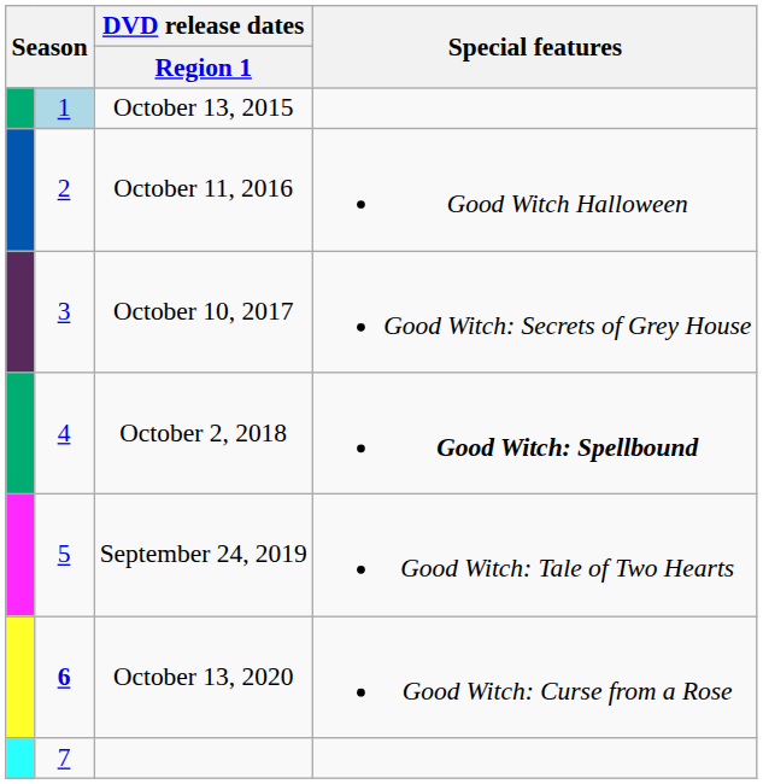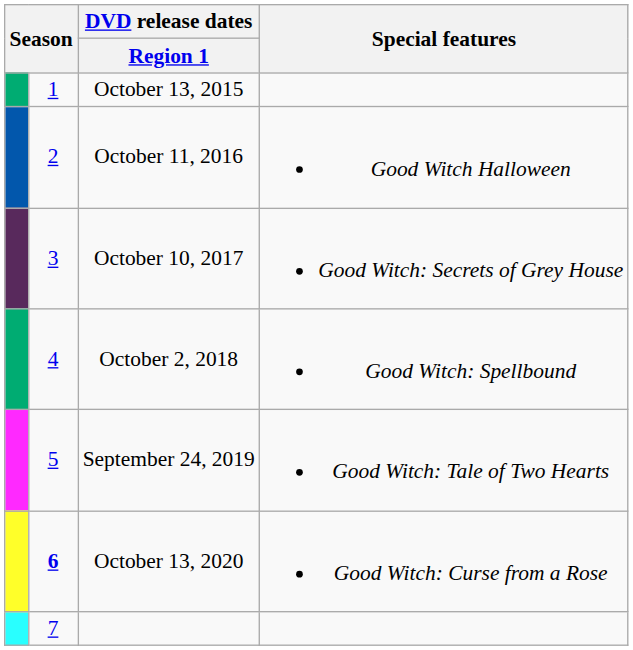 <table class="wikitable plainrowheaders" style="text-align:center">
 <tr>
 <th colspan="2" rowspan="2">Season</th>
 <th><a href='#'>DVD</a> release dates</th>
 <th rowspan="2">Special features</th>
 </tr>
 <tr>
 <th><a href='#'>Region 1</a></th>
 </tr>
 <tr>
 <td style="background:#00AC72;"></td>
-<td style="background: lightblue;"><a href='#'>1</a></td>
+<td><a href='#'>1</a></td>
 <td>October 13, 2015</td>
 <td></td>
 </tr>
 <tr>
 <td style="background:#0257AC;"></td>
 <td><a href='#'>2</a></td>
 <td>October 11, 2016</td>
 <td><br><ul><li><em>Good Witch Halloween</em></li></ul></td>
 </tr>
 <tr>
 <td style="background:#58295C;"></td>
 <td><a href='#'>3</a></td>
 <td>October 10, 2017</td>
 <td><br><ul><li><em>Good Witch: Secrets of Grey House</em></li></ul></td>
 </tr>
 <tr>
 <td style="background:#00AC72;"></td>
 <td><a href='#'>4</a></td>
 <td>October 2, 2018</td>
-<td><strong><br><ul><li><em>Good Witch: Spellbound</em></li></ul></strong></td>
+<td><br><ul><li><em>Good Witch: Spellbound</em></li></ul></td>
 </tr>
 <tr>
 <td style="background:#FF29FF;"></td>
 <td><a href='#'>5</a></td>
 <td>September 24, 2019</td>
 <td><br><ul><li><em>Good Witch: Tale of Two Hearts</em></li></ul></td>
 </tr>
 <tr>
 <td style="background:#FFFF29;"></td>
 <td><strong><a href='#'>6</a></strong></td>
 <td>October 13, 2020</td>
 <td><br><ul><li><em>Good Witch: Curse from a Rose</em></li></ul></td>
 </tr>
 <tr>
 <td style="background:#29FFFF;"></td>
 <td><a href='#'>7</a></td>
 <td></td>
 <td></td>
 </tr>
 </table>
